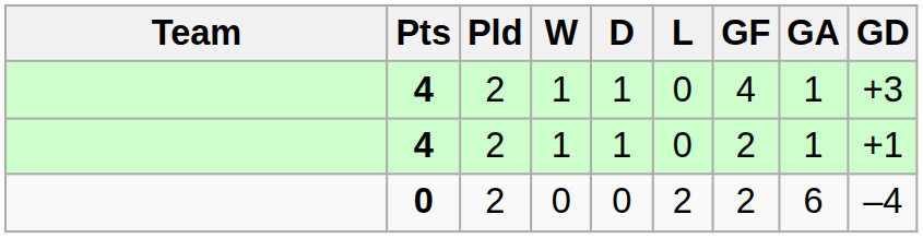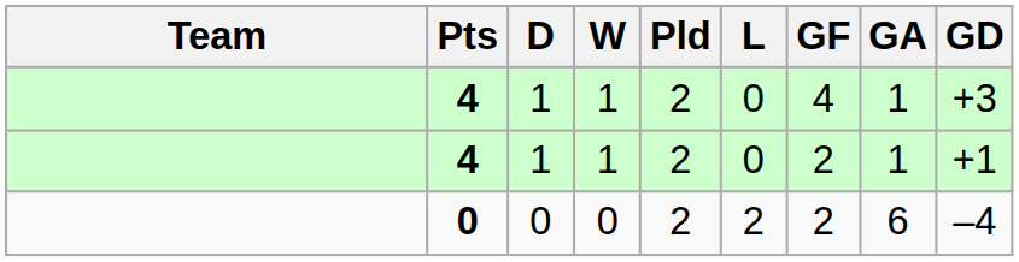 <table class=wikitable style="text-align:center">
 <tr>
 <th width=165>Team</th>
 <th width=20>Pts</th>
+<th width=20>D</th>
+<th width=20>W</th>
 <th width=20>Pld</th>
-<th width=20>W</th>
-<th width=20>D</th>
 <th width=20>L</th>
 <th width=20>GF</th>
 <th width=20>GA</th>
 <th width=20>GD</th>
 </tr>
 <tr align=center style="background:#ccffcc;">
 <td style="text-align:left;"></td>
 <td><strong>4</strong></td>
-<td>2</td>
 <td>1</td>
 <td>1</td>
+<td>2</td>
 <td>0</td>
 <td>4</td>
 <td>1</td>
 <td>+3</td>
 </tr>
 <tr align=center style="background:#ccffcc;">
 <td style="text-align:left;"></td>
 <td><strong>4</strong></td>
-<td>2</td>
 <td>1</td>
 <td>1</td>
+<td>2</td>
 <td>0</td>
 <td>2</td>
 <td>1</td>
 <td>+1</td>
 </tr>
 <tr align=center>
 <td style="text-align:left;"></td>
 <td><strong>0</strong></td>
-<td>2</td>
 <td>0</td>
 <td>0</td>
+<td>2</td>
 <td>2</td>
 <td>2</td>
 <td>6</td>
 <td>–4</td>
 </tr>
 </table>
